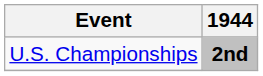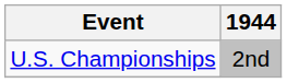 <table class="wikitable">
 <tr>
 <th>Event</th>
 <th>1944</th>
 </tr>
 <tr>
 <td><a href='#'>U.S. Championships</a></td>
-<td align="center" bgcolor="silver"><strong>2nd</strong></td>
+<td align="center" bgcolor="silver">2nd</td>
 </tr>
 <tr>
 </tr>
 </table>
